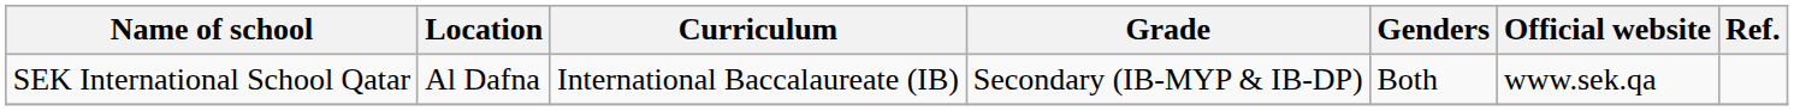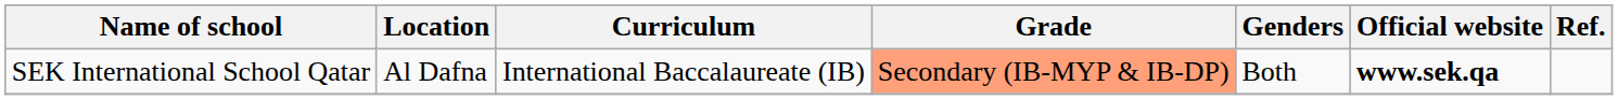 <table class="wikitable">
 <tr>
 <th>Name of school</th>
 <th>Location</th>
 <th>Curriculum</th>
 <th>Grade</th>
 <th>Genders</th>
 <th>Official website</th>
 <th>Ref.</th>
 </tr>
 <tr>
 <td>SEK International School Qatar</td>
 <td>Al Dafna</td>
 <td>International Baccalaureate (IB)</td>
-<td>Secondary (IB-MYP & IB-DP)</td>
+<td style="background: lightsalmon;">Secondary (IB-MYP & IB-DP)</td>
 <td>Both</td>
-<td>www.sek.qa</td>
+<td><strong>www.sek.qa</strong></td>
 <td></td>
 </tr>
 <tr>
 </tr>
 </table>
